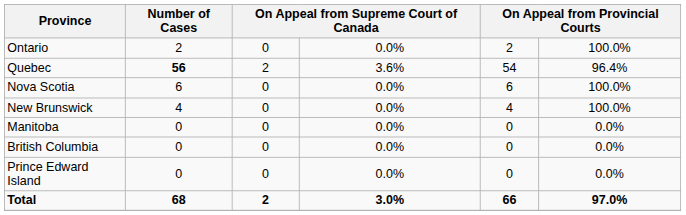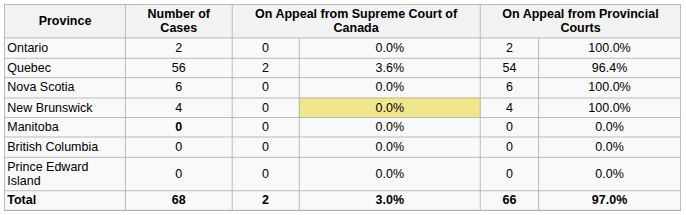 <table class="wikitable sortable">
 <tr>
 <th>Province</th>
 <th>Number of Cases</th>
 <th colspan="2">On Appeal from Supreme Court of Canada</th>
 <th colspan="2">On Appeal from Provincial Courts</th>
 </tr>
 <tr>
 <td>Ontario</td>
 <td style="text-align: center;">2</td>
 <td style="text-align: center;">0</td>
 <td style="text-align: center;">0.0%</td>
 <td style="text-align: center;">2</td>
 <td style="text-align: center;">100.0%</td>
 </tr>
 <tr>
 <td>Quebec</td>
-<td style="text-align: center;"><strong>56</strong></td>
+<td style="text-align: center;">56</td>
 <td style="text-align: center;">2</td>
 <td style="text-align: center;">3.6%</td>
 <td style="text-align: center;">54</td>
 <td style="text-align: center;">96.4%</td>
 </tr>
 <tr>
 <td>Nova Scotia</td>
 <td style="text-align: center;">6</td>
 <td style="text-align: center;">0</td>
 <td style="text-align: center;">0.0%</td>
 <td style="text-align: center;">6</td>
 <td style="text-align: center;">100.0%</td>
 </tr>
 <tr>
 <td>New Brunswick</td>
 <td style="text-align: center;">4</td>
 <td style="text-align: center;">0</td>
-<td style="text-align: center;">0.0%</td>
+<td style="background: khaki; text-align: center;">0.0%</td>
 <td style="text-align: center;">4</td>
 <td style="text-align: center;">100.0%</td>
 </tr>
 <tr>
 <td>Manitoba</td>
-<td style="text-align: center;">0</td>
+<td style="text-align: center;"><strong>0</strong></td>
 <td style="text-align: center;">0</td>
 <td style="text-align: center;">0.0%</td>
 <td style="text-align: center;">0</td>
 <td style="text-align: center;">0.0%</td>
 </tr>
 <tr>
 <td>British Columbia</td>
 <td style="text-align: center;">0</td>
 <td style="text-align: center;">0</td>
 <td style="text-align: center;">0.0%</td>
 <td style="text-align: center;">0</td>
 <td style="text-align: center;">0.0%</td>
 </tr>
 <tr>
 <td>Prince Edward Island</td>
 <td style="text-align: center;">0</td>
 <td style="text-align: center;">0</td>
 <td style="text-align: center;">0.0%</td>
 <td style="text-align: center;">0</td>
 <td style="text-align: center;">0.0%</td>
 </tr>
 <tr>
 <td><strong>Total</strong></td>
 <td style="text-align: center;"><strong>68</strong></td>
 <td style="text-align: center;"><strong>2</strong></td>
 <td style="text-align: center;"><strong>3.0%</strong></td>
 <td style="text-align: center;"><strong>66</strong></td>
 <td style="text-align: center;"><strong>97.0%</strong></td>
 </tr>
 <tr>
 </tr>
 </table>
